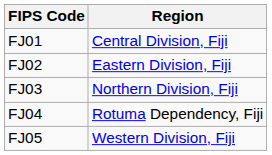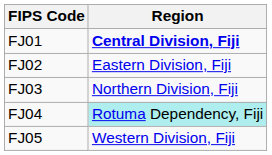 <table class="wikitable">
 <tr>
 <th>FIPS Code</th>
 <th>Region</th>
 </tr>
 <tr>
 <td>FJ01</td>
-<td><a href='#'>Central Division, Fiji</a></td>
+<td><strong><a href='#'>Central Division, Fiji</a></strong></td>
 </tr>
 <tr>
 <td>FJ02</td>
 <td><a href='#'>Eastern Division, Fiji</a></td>
 </tr>
 <tr>
 <td>FJ03</td>
 <td><a href='#'>Northern Division, Fiji</a></td>
 </tr>
 <tr>
 <td>FJ04</td>
-<td><a href='#'>Rotuma</a> Dependency, Fiji</td>
+<td style="background: paleturquoise;"><a href='#'>Rotuma</a> Dependency, Fiji</td>
 </tr>
 <tr>
 <td>FJ05</td>
 <td><a href='#'>Western Division, Fiji</a></td>
 </tr>
 </table>
